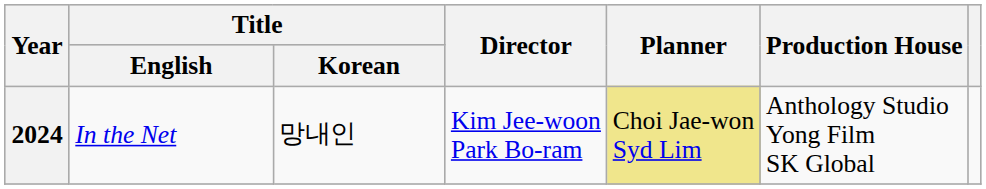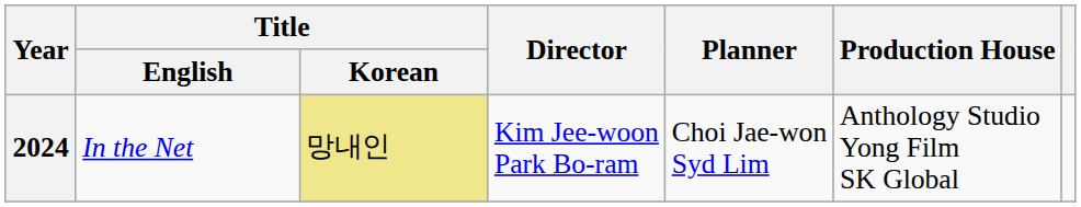 <table class="wikitable sortable plainrowheaders">
 <tr>
 <th rowspan="2" style="width:33px;">Year</th>
 <th colspan="2">Title</th>
 <th rowspan="2">Director</th>
 <th rowspan="2">Planner</th>
 <th rowspan="2">Production House</th>
 <th rowspan="2" class="unsortable"></th>
 </tr>
 <tr>
 <th width="120">English</th>
 <th width="100">Korean</th>
 </tr>
 <tr>
 <th scope="row">2024</th>
 <td><em><a href='#'>In the Net</a></em></td>
-<td>망내인</td>
+<td style="background: khaki;">망내인</td>
 <td><a href='#'>Kim Jee-woon</a><br><a href='#'>Park Bo-ram</a></td>
-<td style="background: khaki;">Choi Jae-won<br><a href='#'>Syd Lim</a></td>
+<td>Choi Jae-won<br><a href='#'>Syd Lim</a></td>
 <td>Anthology Studio<br>Yong Film<br>SK Global</td>
 <td></td>
 </tr>
 </table>
